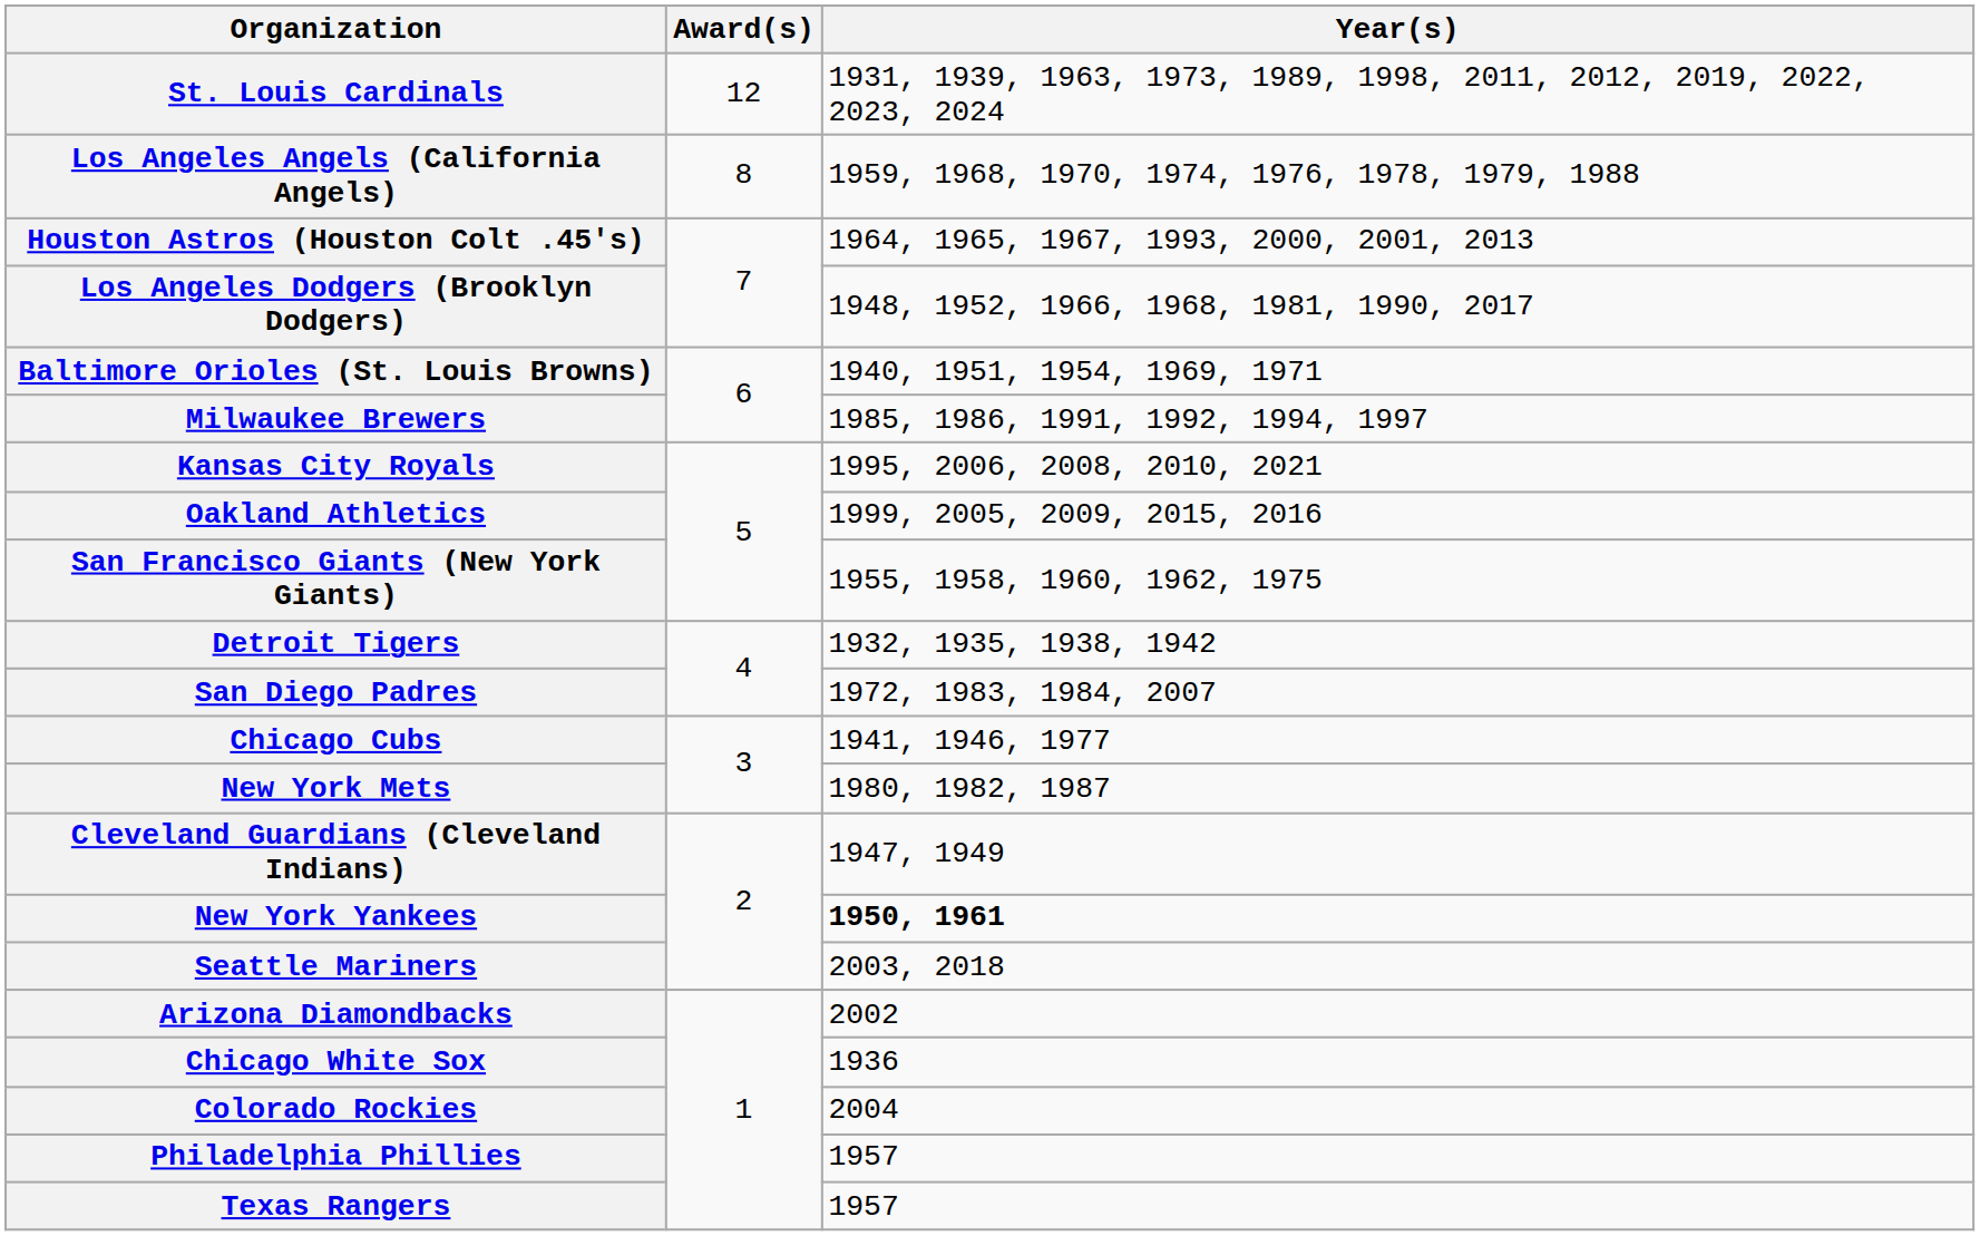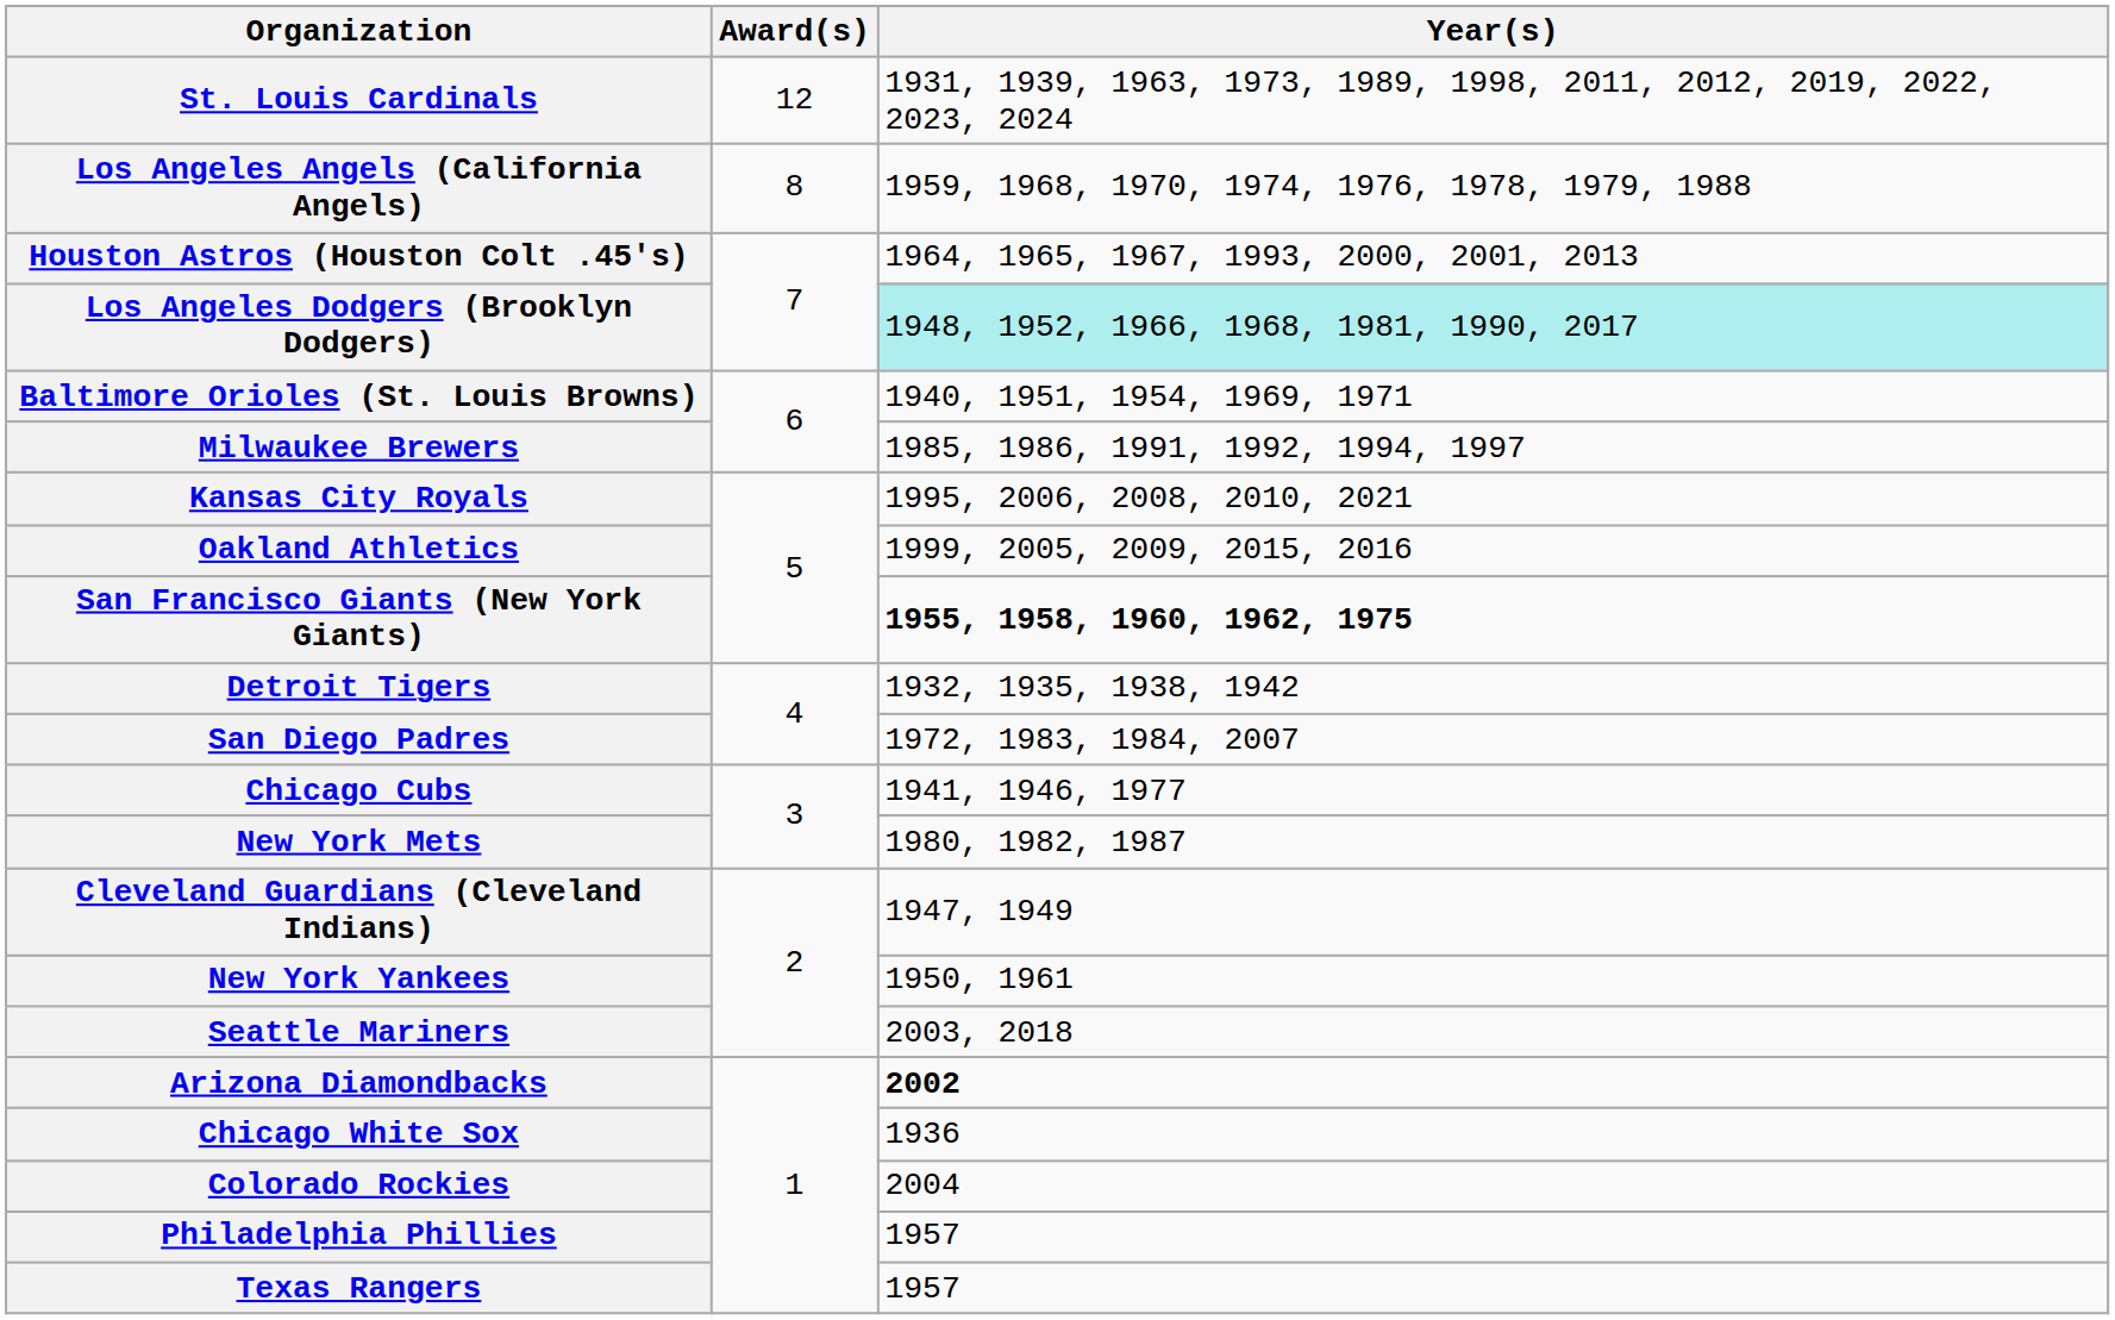 <table class="wikitable sortable plainrowheaders" style="text-align:left">
 <tr>
 <th scope="col">Organization</th>
 <th scope="col">Award(s)</th>
 <th scope="col">Year(s)</th>
 </tr>
 <tr>
 <th scope="row"><strong><a href='#'>St. Louis Cardinals</a></strong></th>
 <td style="text-align:center">12</td>
 <td>1931, 1939, 1963, 1973, 1989, 1998, 2011, 2012, 2019, 2022, 2023, 2024</td>
 </tr>
 <tr>
 <th scope="row"><a href='#'>Los Angeles Angels</a> (California Angels)</th>
 <td style="text-align:center">8</td>
 <td>1959, 1968, 1970, 1974, 1976, 1978, 1979, 1988</td>
 </tr>
 <tr>
 <th scope="row"><strong><a href='#'>Houston Astros</a></strong> (Houston Colt .45's)</th>
 <td style="text-align:center" rowspan="2">7</td>
 <td>1964, 1965, 1967, 1993, 2000, 2001, 2013</td>
 </tr>
 <tr>
 <th scope="row"><strong><a href='#'>Los Angeles Dodgers</a></strong> (Brooklyn Dodgers)</th>
-<td>1948, 1952, 1966, 1968, 1981, 1990, 2017</td>
+<td style="background: paleturquoise;">1948, 1952, 1966, 1968, 1981, 1990, 2017</td>
 </tr>
 <tr>
 <th scope="row"><a href='#'>Baltimore Orioles</a> (St. Louis Browns)</th>
 <td style="text-align:center" rowspan="2">6</td>
 <td>1940, 1951, 1954, 1969, 1971</td>
 </tr>
 <tr>
 <th scope="row"><a href='#'>Milwaukee Brewers</a></th>
 <td>1985, 1986, 1991, 1992, 1994, 1997</td>
 </tr>
 <tr>
 <th scope="row"><strong><a href='#'>Kansas City Royals</a></strong></th>
 <td style="text-align:center" rowspan="3">5</td>
 <td>1995, 2006, 2008, 2010, 2021</td>
 </tr>
 <tr>
 <th scope="row"><strong><a href='#'>Oakland Athletics</a></strong></th>
 <td>1999, 2005, 2009, 2015, 2016</td>
 </tr>
 <tr>
 <th scope="row"><a href='#'>San Francisco Giants</a> (New York Giants)</th>
-<td>1955, 1958, 1960, 1962, 1975</td>
+<td><strong>1955, 1958, 1960, 1962, 1975</strong></td>
 </tr>
 <tr>
 <th scope="row"><a href='#'>Detroit Tigers</a></th>
 <td style="text-align:center" rowspan="2">4</td>
 <td>1932, 1935, 1938, 1942</td>
 </tr>
 <tr>
 <th scope="row"><strong><a href='#'>San Diego Padres</a></strong></th>
 <td>1972, 1983, 1984, 2007</td>
 </tr>
 <tr>
 <th scope="row"><a href='#'>Chicago Cubs</a></th>
 <td style="text-align:center" rowspan="2">3</td>
 <td>1941, 1946, 1977</td>
 </tr>
 <tr>
 <th scope="row"><a href='#'>New York Mets</a></th>
 <td>1980, 1982, 1987</td>
 </tr>
 <tr>
 <th scope="row"><a href='#'>Cleveland Guardians</a> (Cleveland Indians)</th>
 <td style="text-align:center" rowspan="3">2</td>
 <td>1947, 1949</td>
 </tr>
 <tr>
 <th scope="row"><a href='#'>New York Yankees</a></th>
-<td><strong>1950, 1961</strong></td>
+<td>1950, 1961</td>
 </tr>
 <tr>
 <th scope="row"><strong><a href='#'>Seattle Mariners</a></strong></th>
 <td>2003, 2018</td>
 </tr>
 <tr>
 <th scope="row"><strong><a href='#'>Arizona Diamondbacks</a></strong></th>
 <td style="text-align:center" rowspan="5">1</td>
-<td>2002</td>
+<td><strong>2002</strong></td>
 </tr>
 <tr>
 <th scope="row"><a href='#'>Chicago White Sox</a></th>
 <td>1936</td>
 </tr>
 <tr>
 <th scope="row"><a href='#'>Colorado Rockies</a></th>
 <td>2004</td>
 </tr>
 <tr>
 <th scope="row"><a href='#'>Philadelphia Phillies</a></th>
 <td>1957</td>
 </tr>
 <tr>
 <th scope="row"><strong><a href='#'>Texas Rangers</a></strong></th>
 <td>1957</td>
 </tr>
 </table>
